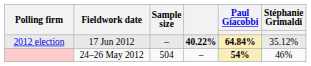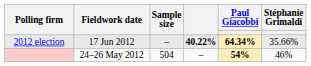 <table class="wikitable sortable" style="text-align:center;font-size:90%;line-height:14px;">
 <tr style="height:40px;">
 <th style="width:100px;" rowspan="2">Polling firm</th>
 <th style="width:110px;" rowspan="2">Fieldwork date</th>
 <th style="width:35px;" rowspan="2">Sample<br>size</th>
 <th style="width:30px;" rowspan="2"></th>
 <th class="unsortable" style="width:60px;"><a href='#'>Paul Giacobbi</a><br></th>
 <th class="unsortable" style="width:60px;">Stéphanie Grimaldi<br></th>
 </tr>
 <tr>
 <th style="background:"></th>
 <th style="background:"></th>
 </tr>
 <tr style="background:#E9E9E9;">
 <td><a href='#'>2012 election</a></td>
 <td data-sort-value="2012-06-17">17 Jun 2012</td>
 <td>–</td>
 <td><strong>40.22%</strong></td>
-<td style="background:#FBEEBA;"><strong>64.84%</strong></td>
-<td>35.12%</td>
+<td style="background:#FBEEBA;"><strong>64.34%</strong></td>
+<td>35.66%</td>
 </tr>
 <tr>
 <td style="background:#FFCCCC;"></td>
 <td data-sort-value="2012-05-26">24–26 May 2012</td>
 <td>504</td>
 <td>–</td>
 <td style="background:#FBEEBA;"><strong>54%</strong></td>
 <td>46%</td>
 </tr>
 </table>
